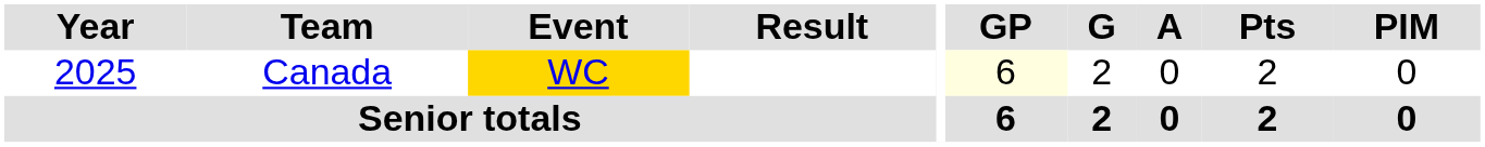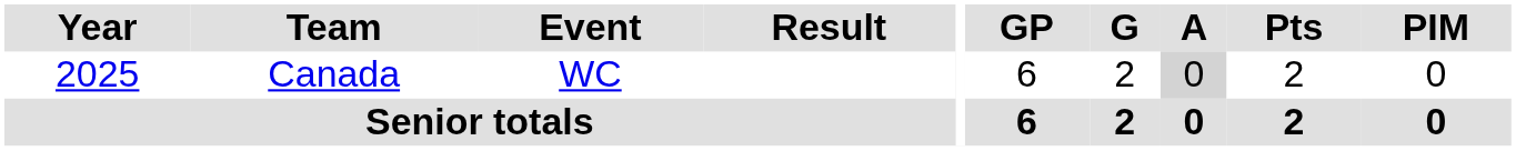 <table border="0" cellpadding="1" cellspacing="0" ID="Table3" style="text-align:center; width:40em">
 <tr ALIGN="center" bgcolor="#e0e0e0">
 <th>Year</th>
 <th>Team</th>
 <th>Event</th>
 <th>Result</th>
 <th rowspan="99" bgcolor="#ffffff"></th>
 <th>GP</th>
 <th>G</th>
 <th>A</th>
 <th>Pts</th>
 <th>PIM</th>
 </tr>
 <tr>
 <td><a href='#'>2025</a></td>
 <td><a href='#'>Canada</a></td>
-<td style="background: gold;"><a href='#'>WC</a></td>
+<td><a href='#'>WC</a></td>
 <td></td>
-<td style="background: lightyellow;">6</td>
+<td>6</td>
 <td>2</td>
-<td>0</td>
+<td style="background: lightgrey;">0</td>
 <td>2</td>
 <td>0</td>
 </tr>
 <tr bgcolor="#e0e0e0">
 <th colspan="4">Senior totals</th>
 <th>6</th>
 <th>2</th>
 <th>0</th>
 <th>2</th>
 <th>0</th>
 </tr>
 </table>
